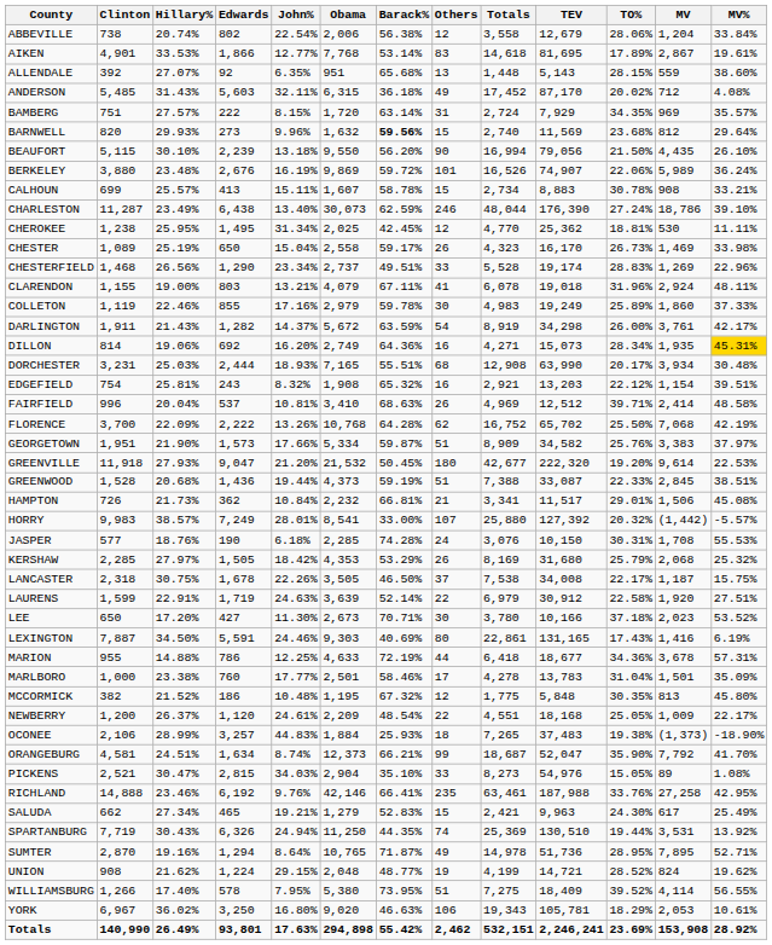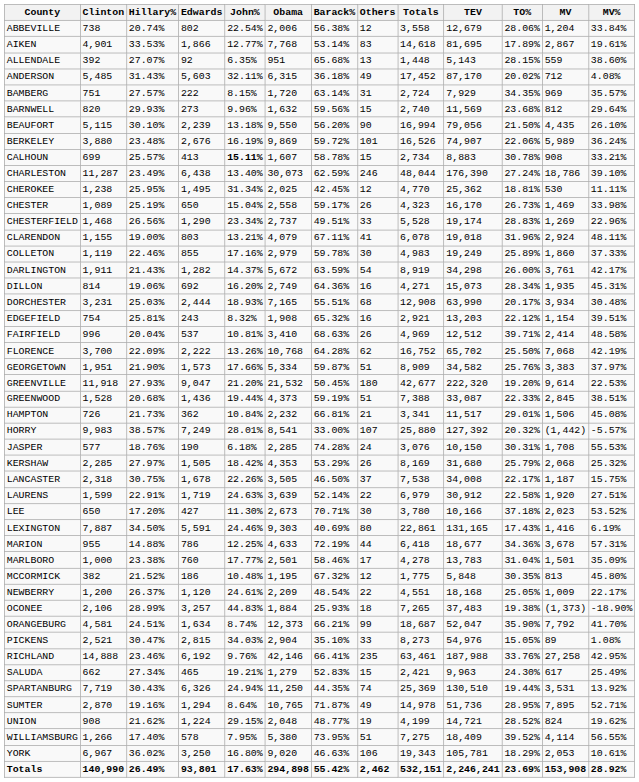 <table class="wikitable sortable mw-collapsible mw-collapsed">
 <tr>
 <th>County</th>
 <th>Clinton</th>
 <th>Hillary%</th>
 <th>Edwards</th>
 <th>John%</th>
 <th>Obama</th>
 <th>Barack%</th>
 <th>Others</th>
 <th>Totals</th>
 <th>TEV</th>
 <th>TO%</th>
 <th>MV</th>
 <th>MV%</th>
 </tr>
 <tr>
 <td>ABBEVILLE</td>
 <td>738</td>
 <td>20.74%</td>
 <td>802</td>
 <td>22.54%</td>
 <td>2,006</td>
 <td>56.38%</td>
 <td>12</td>
 <td>3,558</td>
 <td>12,679</td>
 <td>28.06%</td>
 <td>1,204</td>
 <td>33.84%</td>
 </tr>
 <tr>
 <td>AIKEN</td>
 <td>4,901</td>
 <td>33.53%</td>
 <td>1,866</td>
 <td>12.77%</td>
 <td>7,768</td>
 <td>53.14%</td>
 <td>83</td>
 <td>14,618</td>
 <td>81,695</td>
 <td>17.89%</td>
 <td>2,867</td>
 <td>19.61%</td>
 </tr>
 <tr>
 <td>ALLENDALE</td>
 <td>392</td>
 <td>27.07%</td>
 <td>92</td>
 <td>6.35%</td>
 <td>951</td>
 <td>65.68%</td>
 <td>13</td>
 <td>1,448</td>
 <td>5,143</td>
 <td>28.15%</td>
 <td>559</td>
 <td>38.60%</td>
 </tr>
 <tr>
 <td>ANDERSON</td>
 <td>5,485</td>
 <td>31.43%</td>
 <td>5,603</td>
 <td>32.11%</td>
 <td>6,315</td>
 <td>36.18%</td>
 <td>49</td>
 <td>17,452</td>
 <td>87,170</td>
 <td>20.02%</td>
 <td>712</td>
 <td>4.08%</td>
 </tr>
 <tr>
 <td>BAMBERG</td>
 <td>751</td>
 <td>27.57%</td>
 <td>222</td>
 <td>8.15%</td>
 <td>1,720</td>
 <td>63.14%</td>
 <td>31</td>
 <td>2,724</td>
 <td>7,929</td>
 <td>34.35%</td>
 <td>969</td>
 <td>35.57%</td>
 </tr>
 <tr>
 <td>BARNWELL</td>
 <td>820</td>
 <td>29.93%</td>
 <td>273</td>
 <td>9.96%</td>
 <td>1,632</td>
-<td><strong>59.56%</strong></td>
+<td>59.56%</td>
 <td>15</td>
 <td>2,740</td>
 <td>11,569</td>
 <td>23.68%</td>
 <td>812</td>
 <td>29.64%</td>
 </tr>
 <tr>
 <td>BEAUFORT</td>
 <td>5,115</td>
 <td>30.10%</td>
 <td>2,239</td>
 <td>13.18%</td>
 <td>9,550</td>
 <td>56.20%</td>
 <td>90</td>
 <td>16,994</td>
 <td>79,056</td>
 <td>21.50%</td>
 <td>4,435</td>
 <td>26.10%</td>
 </tr>
 <tr>
 <td>BERKELEY</td>
 <td>3,880</td>
 <td>23.48%</td>
 <td>2,676</td>
 <td>16.19%</td>
 <td>9,869</td>
 <td>59.72%</td>
 <td>101</td>
 <td>16,526</td>
 <td>74,907</td>
 <td>22.06%</td>
 <td>5,989</td>
 <td>36.24%</td>
 </tr>
 <tr>
 <td>CALHOUN</td>
 <td>699</td>
 <td>25.57%</td>
 <td>413</td>
-<td>15.11%</td>
+<td><strong>15.11%</strong></td>
 <td>1,607</td>
 <td>58.78%</td>
 <td>15</td>
 <td>2,734</td>
 <td>8,883</td>
 <td>30.78%</td>
 <td>908</td>
 <td>33.21%</td>
 </tr>
 <tr>
 <td>CHARLESTON</td>
 <td>11,287</td>
 <td>23.49%</td>
 <td>6,438</td>
 <td>13.40%</td>
 <td>30,073</td>
 <td>62.59%</td>
 <td>246</td>
 <td>48,044</td>
 <td>176,390</td>
 <td>27.24%</td>
 <td>18,786</td>
 <td>39.10%</td>
 </tr>
 <tr>
 <td>CHEROKEE</td>
 <td>1,238</td>
 <td>25.95%</td>
 <td>1,495</td>
 <td>31.34%</td>
 <td>2,025</td>
 <td>42.45%</td>
 <td>12</td>
 <td>4,770</td>
 <td>25,362</td>
 <td>18.81%</td>
 <td>530</td>
 <td>11.11%</td>
 </tr>
 <tr>
 <td>CHESTER</td>
 <td>1,089</td>
 <td>25.19%</td>
 <td>650</td>
 <td>15.04%</td>
 <td>2,558</td>
 <td>59.17%</td>
 <td>26</td>
 <td>4,323</td>
 <td>16,170</td>
 <td>26.73%</td>
 <td>1,469</td>
 <td>33.98%</td>
 </tr>
 <tr>
 <td>CHESTERFIELD</td>
 <td>1,468</td>
 <td>26.56%</td>
 <td>1,290</td>
 <td>23.34%</td>
 <td>2,737</td>
 <td>49.51%</td>
 <td>33</td>
 <td>5,528</td>
 <td>19,174</td>
 <td>28.83%</td>
 <td>1,269</td>
 <td>22.96%</td>
 </tr>
 <tr>
 <td>CLARENDON</td>
 <td>1,155</td>
 <td>19.00%</td>
 <td>803</td>
 <td>13.21%</td>
 <td>4,079</td>
 <td>67.11%</td>
 <td>41</td>
 <td>6,078</td>
 <td>19,018</td>
 <td>31.96%</td>
 <td>2,924</td>
 <td>48.11%</td>
 </tr>
 <tr>
 <td>COLLETON</td>
 <td>1,119</td>
 <td>22.46%</td>
 <td>855</td>
 <td>17.16%</td>
 <td>2,979</td>
 <td>59.78%</td>
 <td>30</td>
 <td>4,983</td>
 <td>19,249</td>
 <td>25.89%</td>
 <td>1,860</td>
 <td>37.33%</td>
 </tr>
 <tr>
 <td>DARLINGTON</td>
 <td>1,911</td>
 <td>21.43%</td>
 <td>1,282</td>
 <td>14.37%</td>
 <td>5,672</td>
 <td>63.59%</td>
 <td>54</td>
 <td>8,919</td>
 <td>34,298</td>
 <td>26.00%</td>
 <td>3,761</td>
 <td>42.17%</td>
 </tr>
 <tr>
 <td>DILLON</td>
 <td>814</td>
 <td>19.06%</td>
 <td>692</td>
 <td>16.20%</td>
 <td>2,749</td>
 <td>64.36%</td>
 <td>16</td>
 <td>4,271</td>
 <td>15,073</td>
 <td>28.34%</td>
 <td>1,935</td>
-<td style="background: gold;">45.31%</td>
+<td>45.31%</td>
 </tr>
 <tr>
 <td>DORCHESTER</td>
 <td>3,231</td>
 <td>25.03%</td>
 <td>2,444</td>
 <td>18.93%</td>
 <td>7,165</td>
 <td>55.51%</td>
 <td>68</td>
 <td>12,908</td>
 <td>63,990</td>
 <td>20.17%</td>
 <td>3,934</td>
 <td>30.48%</td>
 </tr>
 <tr>
 <td>EDGEFIELD</td>
 <td>754</td>
 <td>25.81%</td>
 <td>243</td>
 <td>8.32%</td>
 <td>1,908</td>
 <td>65.32%</td>
 <td>16</td>
 <td>2,921</td>
 <td>13,203</td>
 <td>22.12%</td>
 <td>1,154</td>
 <td>39.51%</td>
 </tr>
 <tr>
 <td>FAIRFIELD</td>
 <td>996</td>
 <td>20.04%</td>
 <td>537</td>
 <td>10.81%</td>
 <td>3,410</td>
 <td>68.63%</td>
 <td>26</td>
 <td>4,969</td>
 <td>12,512</td>
 <td>39.71%</td>
 <td>2,414</td>
 <td>48.58%</td>
 </tr>
 <tr>
 <td>FLORENCE</td>
 <td>3,700</td>
 <td>22.09%</td>
 <td>2,222</td>
 <td>13.26%</td>
 <td>10,768</td>
 <td>64.28%</td>
 <td>62</td>
 <td>16,752</td>
 <td>65,702</td>
 <td>25.50%</td>
 <td>7,068</td>
 <td>42.19%</td>
 </tr>
 <tr>
 <td>GEORGETOWN</td>
 <td>1,951</td>
 <td>21.90%</td>
 <td>1,573</td>
 <td>17.66%</td>
 <td>5,334</td>
 <td>59.87%</td>
 <td>51</td>
 <td>8,909</td>
 <td>34,582</td>
 <td>25.76%</td>
 <td>3,383</td>
 <td>37.97%</td>
 </tr>
 <tr>
 <td>GREENVILLE</td>
 <td>11,918</td>
 <td>27.93%</td>
 <td>9,047</td>
 <td>21.20%</td>
 <td>21,532</td>
 <td>50.45%</td>
 <td>180</td>
 <td>42,677</td>
 <td>222,320</td>
 <td>19.20%</td>
 <td>9,614</td>
 <td>22.53%</td>
 </tr>
 <tr>
 <td>GREENWOOD</td>
 <td>1,528</td>
 <td>20.68%</td>
 <td>1,436</td>
 <td>19.44%</td>
 <td>4,373</td>
 <td>59.19%</td>
 <td>51</td>
 <td>7,388</td>
 <td>33,087</td>
 <td>22.33%</td>
 <td>2,845</td>
 <td>38.51%</td>
 </tr>
 <tr>
 <td>HAMPTON</td>
 <td>726</td>
 <td>21.73%</td>
 <td>362</td>
 <td>10.84%</td>
 <td>2,232</td>
 <td>66.81%</td>
 <td>21</td>
 <td>3,341</td>
 <td>11,517</td>
 <td>29.01%</td>
 <td>1,506</td>
 <td>45.08%</td>
 </tr>
 <tr>
 <td>HORRY</td>
 <td>9,983</td>
 <td>38.57%</td>
 <td>7,249</td>
 <td>28.01%</td>
 <td>8,541</td>
 <td>33.00%</td>
 <td>107</td>
 <td>25,880</td>
 <td>127,392</td>
 <td>20.32%</td>
 <td>(1,442)</td>
 <td>-5.57%</td>
 </tr>
 <tr>
 <td>JASPER</td>
 <td>577</td>
 <td>18.76%</td>
 <td>190</td>
 <td>6.18%</td>
 <td>2,285</td>
 <td>74.28%</td>
 <td>24</td>
 <td>3,076</td>
 <td>10,150</td>
 <td>30.31%</td>
 <td>1,708</td>
 <td>55.53%</td>
 </tr>
 <tr>
 <td>KERSHAW</td>
 <td>2,285</td>
 <td>27.97%</td>
 <td>1,505</td>
 <td>18.42%</td>
 <td>4,353</td>
 <td>53.29%</td>
 <td>26</td>
 <td>8,169</td>
 <td>31,680</td>
 <td>25.79%</td>
 <td>2,068</td>
 <td>25.32%</td>
 </tr>
 <tr>
 <td>LANCASTER</td>
 <td>2,318</td>
 <td>30.75%</td>
 <td>1,678</td>
 <td>22.26%</td>
 <td>3,505</td>
 <td>46.50%</td>
 <td>37</td>
 <td>7,538</td>
 <td>34,008</td>
 <td>22.17%</td>
 <td>1,187</td>
 <td>15.75%</td>
 </tr>
 <tr>
 <td>LAURENS</td>
 <td>1,599</td>
 <td>22.91%</td>
 <td>1,719</td>
 <td>24.63%</td>
 <td>3,639</td>
 <td>52.14%</td>
 <td>22</td>
 <td>6,979</td>
 <td>30,912</td>
 <td>22.58%</td>
 <td>1,920</td>
 <td>27.51%</td>
 </tr>
 <tr>
 <td>LEE</td>
 <td>650</td>
 <td>17.20%</td>
 <td>427</td>
 <td>11.30%</td>
 <td>2,673</td>
 <td>70.71%</td>
 <td>30</td>
 <td>3,780</td>
 <td>10,166</td>
 <td>37.18%</td>
 <td>2,023</td>
 <td>53.52%</td>
 </tr>
 <tr>
 <td>LEXINGTON</td>
 <td>7,887</td>
 <td>34.50%</td>
 <td>5,591</td>
 <td>24.46%</td>
 <td>9,303</td>
 <td>40.69%</td>
 <td>80</td>
 <td>22,861</td>
 <td>131,165</td>
 <td>17.43%</td>
 <td>1,416</td>
 <td>6.19%</td>
 </tr>
 <tr>
 <td>MARION</td>
 <td>955</td>
 <td>14.88%</td>
 <td>786</td>
 <td>12.25%</td>
 <td>4,633</td>
 <td>72.19%</td>
 <td>44</td>
 <td>6,418</td>
 <td>18,677</td>
 <td>34.36%</td>
 <td>3,678</td>
 <td>57.31%</td>
 </tr>
 <tr>
 <td>MARLBORO</td>
 <td>1,000</td>
 <td>23.38%</td>
 <td>760</td>
 <td>17.77%</td>
 <td>2,501</td>
 <td>58.46%</td>
 <td>17</td>
 <td>4,278</td>
 <td>13,783</td>
 <td>31.04%</td>
 <td>1,501</td>
 <td>35.09%</td>
 </tr>
 <tr>
 <td>MCCORMICK</td>
 <td>382</td>
 <td>21.52%</td>
 <td>186</td>
 <td>10.48%</td>
 <td>1,195</td>
 <td>67.32%</td>
 <td>12</td>
 <td>1,775</td>
 <td>5,848</td>
 <td>30.35%</td>
 <td>813</td>
 <td>45.80%</td>
 </tr>
 <tr>
 <td>NEWBERRY</td>
 <td>1,200</td>
 <td>26.37%</td>
 <td>1,120</td>
 <td>24.61%</td>
 <td>2,209</td>
 <td>48.54%</td>
 <td>22</td>
 <td>4,551</td>
 <td>18,168</td>
 <td>25.05%</td>
 <td>1,009</td>
 <td>22.17%</td>
 </tr>
 <tr>
 <td>OCONEE</td>
 <td>2,106</td>
 <td>28.99%</td>
 <td>3,257</td>
 <td>44.83%</td>
 <td>1,884</td>
 <td>25.93%</td>
 <td>18</td>
 <td>7,265</td>
 <td>37,483</td>
 <td>19.38%</td>
 <td>(1,373)</td>
 <td>-18.90%</td>
 </tr>
 <tr>
 <td>ORANGEBURG</td>
 <td>4,581</td>
 <td>24.51%</td>
 <td>1,634</td>
 <td>8.74%</td>
 <td>12,373</td>
 <td>66.21%</td>
 <td>99</td>
 <td>18,687</td>
 <td>52,047</td>
 <td>35.90%</td>
 <td>7,792</td>
 <td>41.70%</td>
 </tr>
 <tr>
 <td>PICKENS</td>
 <td>2,521</td>
 <td>30.47%</td>
 <td>2,815</td>
 <td>34.03%</td>
 <td>2,904</td>
 <td>35.10%</td>
 <td>33</td>
 <td>8,273</td>
 <td>54,976</td>
 <td>15.05%</td>
 <td>89</td>
 <td>1.08%</td>
 </tr>
 <tr>
 <td>RICHLAND</td>
 <td>14,888</td>
 <td>23.46%</td>
 <td>6,192</td>
 <td>9.76%</td>
 <td>42,146</td>
 <td>66.41%</td>
 <td>235</td>
 <td>63,461</td>
 <td>187,988</td>
 <td>33.76%</td>
 <td>27,258</td>
 <td>42.95%</td>
 </tr>
 <tr>
 <td>SALUDA</td>
 <td>662</td>
 <td>27.34%</td>
 <td>465</td>
 <td>19.21%</td>
 <td>1,279</td>
 <td>52.83%</td>
 <td>15</td>
 <td>2,421</td>
 <td>9,963</td>
 <td>24.30%</td>
 <td>617</td>
 <td>25.49%</td>
 </tr>
 <tr>
 <td>SPARTANBURG</td>
 <td>7,719</td>
 <td>30.43%</td>
 <td>6,326</td>
 <td>24.94%</td>
 <td>11,250</td>
 <td>44.35%</td>
 <td>74</td>
 <td>25,369</td>
 <td>130,510</td>
 <td>19.44%</td>
 <td>3,531</td>
 <td>13.92%</td>
 </tr>
 <tr>
 <td>SUMTER</td>
 <td>2,870</td>
 <td>19.16%</td>
 <td>1,294</td>
 <td>8.64%</td>
 <td>10,765</td>
 <td>71.87%</td>
 <td>49</td>
 <td>14,978</td>
 <td>51,736</td>
 <td>28.95%</td>
 <td>7,895</td>
 <td>52.71%</td>
 </tr>
 <tr>
 <td>UNION</td>
 <td>908</td>
 <td>21.62%</td>
 <td>1,224</td>
 <td>29.15%</td>
 <td>2,048</td>
 <td>48.77%</td>
 <td>19</td>
 <td>4,199</td>
 <td>14,721</td>
 <td>28.52%</td>
 <td>824</td>
 <td>19.62%</td>
 </tr>
 <tr>
 <td>WILLIAMSBURG</td>
 <td>1,266</td>
 <td>17.40%</td>
 <td>578</td>
 <td>7.95%</td>
 <td>5,380</td>
 <td>73.95%</td>
 <td>51</td>
 <td>7,275</td>
 <td>18,409</td>
 <td>39.52%</td>
 <td>4,114</td>
 <td>56.55%</td>
 </tr>
 <tr>
 <td>YORK</td>
 <td>6,967</td>
 <td>36.02%</td>
 <td>3,250</td>
 <td>16.80%</td>
 <td>9,020</td>
 <td>46.63%</td>
 <td>106</td>
 <td>19,343</td>
 <td>105,781</td>
 <td>18.29%</td>
 <td>2,053</td>
 <td>10.61%</td>
 </tr>
 <tr>
 <td><strong>Totals</strong></td>
 <td><strong>140,990</strong></td>
 <td><strong>26.49%</strong></td>
 <td><strong>93,801</strong></td>
 <td><strong>17.63%</strong></td>
 <td><strong>294,898</strong></td>
 <td><strong>55.42%</strong></td>
 <td><strong>2,462</strong></td>
 <td><strong>532,151</strong></td>
 <td><strong>2,246,241</strong></td>
 <td><strong>23.69%</strong></td>
 <td><strong>153,908</strong></td>
 <td><strong>28.92%</strong></td>
 </tr>
 </table>
